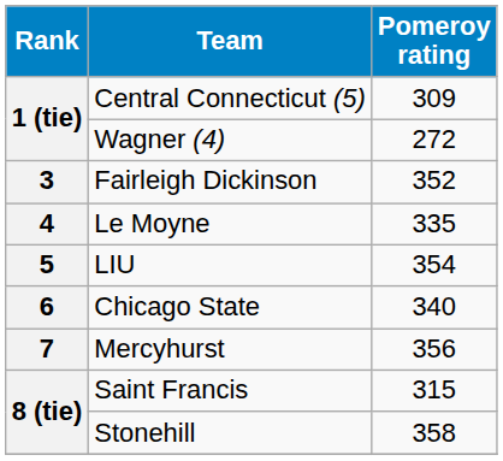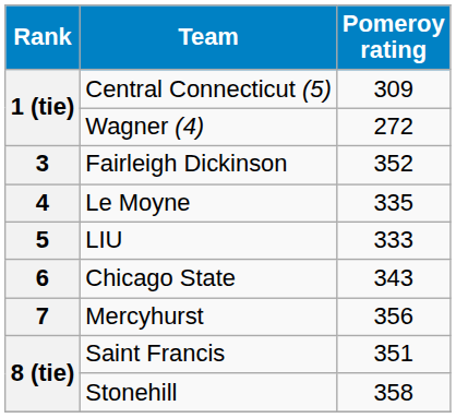 <table class="wikitable sortable">
 <tr>
 <th align="center" style="background-color:#0081C4; color:#FFFFFF;">Rank</th>
 <th align="center" style="background-color:#0081C4; color:#FFFFFF;">Team</th>
 <th align="center" style="background-color:#0081C4; color:#FFFFFF;">Pomeroy<br>rating</th>
 </tr>
 <tr>
 <th rowspan="2">1 (tie)</th>
 <td>Central Connecticut <em>(5)</em></td>
 <td align="center">309</td>
 </tr>
 <tr>
 <td>Wagner <em>(4)</em></td>
 <td align="center">272</td>
 </tr>
 <tr>
 <th>3</th>
 <td>Fairleigh Dickinson</td>
 <td align="center">352</td>
 </tr>
 <tr>
 <th>4</th>
 <td>Le Moyne</td>
 <td align="center">335</td>
 </tr>
 <tr>
 <th>5</th>
 <td>LIU</td>
-<td align="center">354</td>
+<td align="center">333</td>
 </tr>
 <tr>
 <th>6</th>
 <td>Chicago State</td>
-<td align="center">340</td>
+<td align="center">343</td>
 </tr>
 <tr>
 <th>7</th>
 <td>Mercyhurst</td>
 <td align="center">356</td>
 </tr>
 <tr>
 <th rowspan="2">8 (tie)</th>
 <td>Saint Francis</td>
-<td align="center">315</td>
+<td align="center">351</td>
 </tr>
 <tr>
 <td>Stonehill</td>
 <td align="center">358</td>
 </tr>
 <tr>
 </tr>
 </table>
